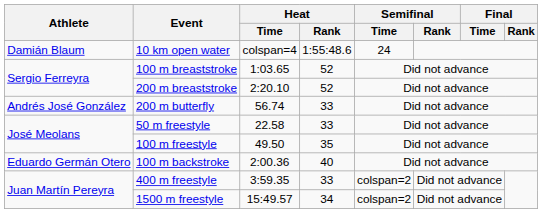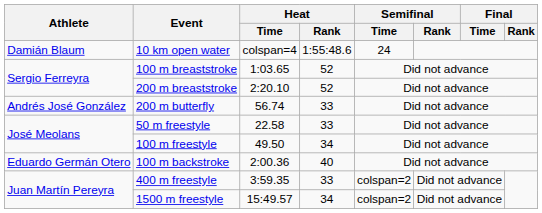 <table class=wikitable style="font-size:90%">
 <tr>
 <th rowspan="2">Athlete</th>
 <th rowspan="2">Event</th>
 <th colspan="2">Heat</th>
 <th colspan="2">Semifinal</th>
 <th colspan="2">Final</th>
 </tr>
 <tr style="font-size:95%">
 <th>Time</th>
 <th>Rank</th>
 <th>Time</th>
 <th>Rank</th>
 <th>Time</th>
 <th>Rank</th>
 </tr>
 <tr align=center>
 <td align=left><a href='#'>Damián Blaum</a></td>
 <td align=left><a href='#'>10 km open water</a></td>
 <td>colspan=4 </td>
 <td>1:55:48.6</td>
 <td>24</td>
 </tr>
 <tr align=center>
 <td align=left rowspan=2><a href='#'>Sergio Ferreyra</a></td>
 <td align=left><a href='#'>100 m breaststroke</a></td>
 <td>1:03.65</td>
 <td>52</td>
 <td colspan=4>Did not advance</td>
 </tr>
 <tr align=center>
 <td align=left><a href='#'>200 m breaststroke</a></td>
 <td>2:20.10</td>
 <td>52</td>
 <td colspan=4>Did not advance</td>
 </tr>
 <tr align=center>
 <td align=left><a href='#'>Andrés José González</a></td>
 <td align=left><a href='#'>200 m butterfly</a></td>
 <td>56.74</td>
 <td>33</td>
 <td colspan=4>Did not advance</td>
 </tr>
 <tr align=center>
 <td align=left rowspan=2><a href='#'>José Meolans</a></td>
 <td align=left><a href='#'>50 m freestyle</a></td>
 <td>22.58</td>
 <td>33</td>
 <td colspan=4>Did not advance</td>
 </tr>
 <tr align=center>
 <td align=left><a href='#'>100 m freestyle</a></td>
 <td>49.50</td>
-<td>35</td>
+<td>34</td>
 <td colspan=4>Did not advance</td>
 </tr>
 <tr align=center>
 <td align=left><a href='#'>Eduardo Germán Otero</a></td>
 <td align=left><a href='#'>100 m backstroke</a></td>
 <td>2:00.36</td>
 <td>40</td>
 <td colspan=4>Did not advance</td>
 </tr>
 <tr align=center>
 <td align=left rowspan=2><a href='#'>Juan Martín Pereyra</a></td>
 <td align=left><a href='#'>400 m freestyle</a></td>
 <td>3:59.35</td>
 <td>33</td>
 <td>colspan=2 </td>
 <td colspan=2>Did not advance</td>
 </tr>
 <tr align=center>
 <td align=left><a href='#'>1500 m freestyle</a></td>
 <td>15:49.57</td>
 <td>34</td>
 <td>colspan=2 </td>
 <td colspan=2>Did not advance</td>
 </tr>
 </table>
